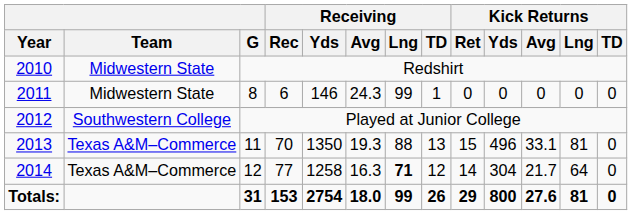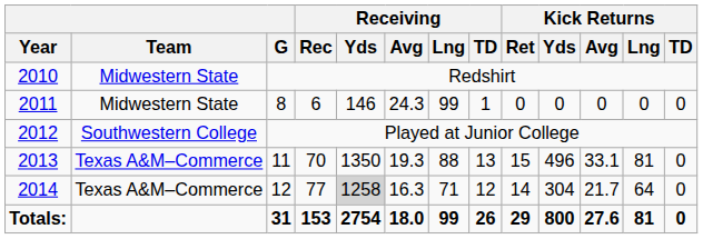 <table class="wikitable">
 <tr>
 <th colspan="3"></th>
 <th colspan="5">Receiving</th>
 <th colspan="5">Kick Returns</th>
 </tr>
 <tr>
 <th>Year</th>
 <th>Team</th>
 <th>G</th>
 <th>Rec</th>
 <th>Yds</th>
 <th>Avg</th>
 <th>Lng</th>
 <th>TD</th>
 <th>Ret</th>
 <th>Yds</th>
 <th>Avg</th>
 <th>Lng</th>
 <th>TD</th>
 </tr>
 <tr style="text-align:center;">
 <td><a href='#'>2010</a></td>
 <td><a href='#'>Midwestern State</a></td>
 <td colspan=11 style="text-align:center;">Redshirt</td>
 </tr>
 <tr style="text-align:center;">
 <td><a href='#'>2011</a></td>
 <td>Midwestern State</td>
 <td>8</td>
 <td>6</td>
 <td>146</td>
 <td>24.3</td>
 <td>99</td>
 <td>1</td>
 <td>0</td>
 <td>0</td>
 <td>0</td>
 <td>0</td>
 <td>0</td>
 </tr>
 <tr style="text-align:center;">
 <td><a href='#'>2012</a></td>
 <td><a href='#'>Southwestern College</a></td>
 <td colspan=11 style="text-align:center;">Played at Junior College</td>
 </tr>
 <tr style="text-align:center;">
 <td><a href='#'>2013</a></td>
 <td><a href='#'>Texas A&M–Commerce</a></td>
 <td>11</td>
 <td>70</td>
 <td>1350</td>
 <td>19.3</td>
 <td>88</td>
 <td>13</td>
 <td>15</td>
 <td>496</td>
 <td>33.1</td>
 <td>81</td>
 <td>0</td>
 </tr>
 <tr style="text-align:center;">
 <td><a href='#'>2014</a></td>
 <td>Texas A&M–Commerce</td>
 <td>12</td>
 <td>77</td>
-<td>1258</td>
+<td style="background: lightgrey;">1258</td>
 <td>16.3</td>
-<td><strong>71</strong></td>
+<td>71</td>
 <td>12</td>
 <td>14</td>
 <td>304</td>
 <td>21.7</td>
 <td>64</td>
 <td>0</td>
 </tr>
 <tr style="text-align:center;">
 <td><strong>Totals:</strong></td>
 <td></td>
 <td><strong>31</strong></td>
 <td><strong>153</strong></td>
 <td><strong>2754</strong></td>
 <td><strong>18.0</strong></td>
 <td><strong>99</strong></td>
 <td><strong>26</strong></td>
 <td><strong>29</strong></td>
 <td><strong>800</strong></td>
 <td><strong>27.6</strong></td>
 <td><strong>81</strong></td>
 <td><strong>0</strong></td>
 </tr>
 </table>
